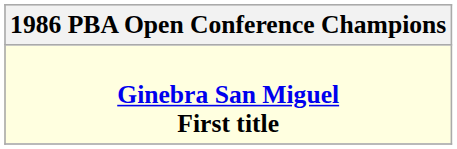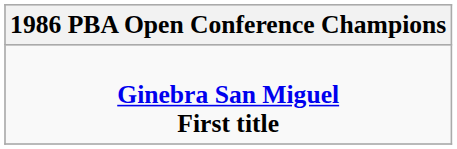 <table class=wikitable style="text-align:center; margin:auto">
 <tr>
 <th>1986 PBA Open Conference Champions</th>
 </tr>
 <tr>
-<td style="background: lightyellow;"><br> <strong><a href='#'>Ginebra San Miguel</a></strong> <br> <strong>First title</strong></td>
+<td><br> <strong><a href='#'>Ginebra San Miguel</a></strong> <br> <strong>First title</strong></td>
 </tr>
 </table>
